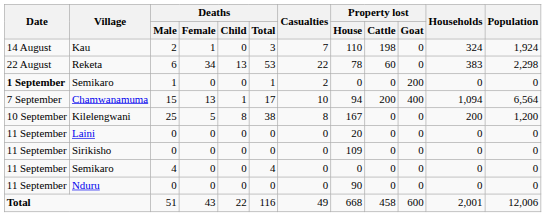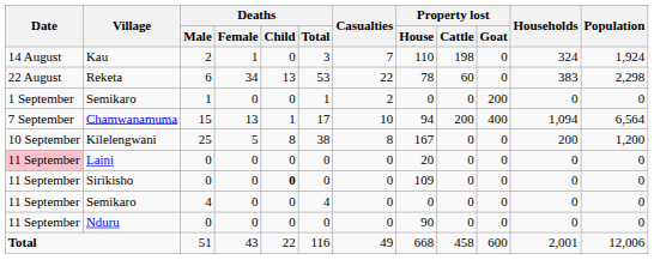 <table class="wikitable" style="text-align: right;">
 <tr>
 <th rowspan="2">Date</th>
 <th rowspan="2">Village</th>
 <th colspan="4">Deaths</th>
 <th rowspan="2">Casualties</th>
 <th colspan="3">Property lost</th>
 <th rowspan="2">Households</th>
 <th rowspan="2">Population</th>
 </tr>
 <tr>
 <th>Male</th>
 <th>Female</th>
 <th>Child</th>
 <th>Total</th>
 <th>House</th>
 <th>Cattle</th>
 <th>Goat</th>
 </tr>
 <tr>
 <td style="text-align:left;">14 August</td>
 <td style="text-align:left;">Kau</td>
 <td>2</td>
 <td>1</td>
 <td>0</td>
 <td>3</td>
 <td>7</td>
 <td>110</td>
 <td>198</td>
 <td>0</td>
 <td>324</td>
 <td>1,924</td>
 </tr>
 <tr>
 <td style="text-align:left;">22 August</td>
 <td style="text-align:left;">Reketa</td>
 <td>6</td>
 <td>34</td>
 <td>13</td>
 <td>53</td>
 <td>22</td>
 <td>78</td>
 <td>60</td>
 <td>0</td>
 <td>383</td>
 <td>2,298</td>
 </tr>
 <tr>
-<td style="text-align:left;"><strong>1 September</strong></td>
+<td style="text-align:left;">1 September</td>
 <td style="text-align:left;">Semikaro</td>
 <td>1</td>
 <td>0</td>
 <td>0</td>
 <td>1</td>
 <td>2</td>
 <td>0</td>
 <td>0</td>
 <td>200</td>
 <td>0</td>
 <td>0</td>
 </tr>
 <tr>
 <td style="text-align:left;">7 September</td>
 <td style="text-align:left;"><a href='#'>Chamwanamuma</a></td>
 <td>15</td>
 <td>13</td>
 <td>1</td>
 <td>17</td>
 <td>10</td>
 <td>94</td>
 <td>200</td>
 <td>400</td>
 <td>1,094</td>
 <td>6,564</td>
 </tr>
 <tr>
 <td style="text-align:left;">10 September</td>
 <td style="text-align:left;">Kilelengwani</td>
 <td>25</td>
 <td>5</td>
 <td>8</td>
 <td>38</td>
 <td>8</td>
 <td>167</td>
 <td>0</td>
 <td>0</td>
 <td>200</td>
 <td>1,200</td>
 </tr>
 <tr>
-<td style="text-align:left;">11 September</td>
+<td style="background: pink; text-align:left;">11 September</td>
 <td style="text-align:left;"><a href='#'>Laini</a></td>
 <td>0</td>
 <td>0</td>
 <td>0</td>
 <td>0</td>
 <td>0</td>
 <td>20</td>
 <td>0</td>
 <td>0</td>
 <td>0</td>
 <td>0</td>
 </tr>
 <tr>
 <td style="text-align:left;">11 September</td>
 <td style="text-align:left;">Sirikisho</td>
 <td>0</td>
 <td>0</td>
-<td>0</td>
+<td><strong>0</strong></td>
 <td>0</td>
 <td>0</td>
 <td>109</td>
 <td>0</td>
 <td>0</td>
 <td>0</td>
 <td>0</td>
 </tr>
 <tr>
 <td style="text-align:left;">11 September</td>
 <td style="text-align:left;">Semikaro</td>
 <td>4</td>
 <td>0</td>
 <td>0</td>
 <td>4</td>
 <td>0</td>
 <td>0</td>
 <td>0</td>
 <td>0</td>
 <td>0</td>
 <td>0</td>
 </tr>
 <tr>
 <td style="text-align:left;">11 September</td>
 <td style="text-align:left;"><a href='#'>Nduru</a></td>
 <td>0</td>
 <td>0</td>
 <td>0</td>
 <td>0</td>
 <td>0</td>
 <td>90</td>
 <td>0</td>
 <td>0</td>
 <td>0</td>
 <td>0</td>
 </tr>
 <tr>
 <td colspan="2" style="text-align:left; font-weight:bold;">Total</td>
 <td>51</td>
 <td>43</td>
 <td>22</td>
 <td>116</td>
 <td>49</td>
 <td>668</td>
 <td>458</td>
 <td>600</td>
 <td>2,001</td>
 <td>12,006</td>
 </tr>
 </table>
